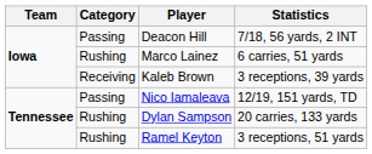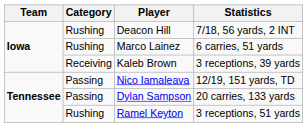 <table class="wikitable" style="float: left;">
 <tr>
 <th>Team</th>
 <th>Category</th>
 <th>Player</th>
 <th>Statistics</th>
 </tr>
 <tr>
 <td rowspan=3><strong>Iowa</strong></td>
-<td>Passing</td>
+<td>Rushing</td>
 <td>Deacon Hill</td>
 <td>7/18, 56 yards, 2 INT</td>
 </tr>
 <tr>
 <td>Rushing</td>
 <td>Marco Lainez</td>
 <td>6 carries, 51 yards</td>
 </tr>
 <tr>
 <td>Receiving</td>
 <td>Kaleb Brown</td>
 <td>3 receptions, 39 yards</td>
 </tr>
 <tr>
 <td rowspan=3><strong>Tennessee</strong></td>
 <td>Passing</td>
 <td><a href='#'>Nico Iamaleava</a></td>
 <td>12/19, 151 yards, TD</td>
 </tr>
 <tr>
-<td>Rushing</td>
+<td>Passing</td>
 <td><a href='#'>Dylan Sampson</a></td>
 <td>20 carries, 133 yards</td>
 </tr>
 <tr>
 <td>Rushing</td>
 <td><a href='#'>Ramel Keyton</a></td>
 <td>3 receptions, 51 yards</td>
 </tr>
 </table>
